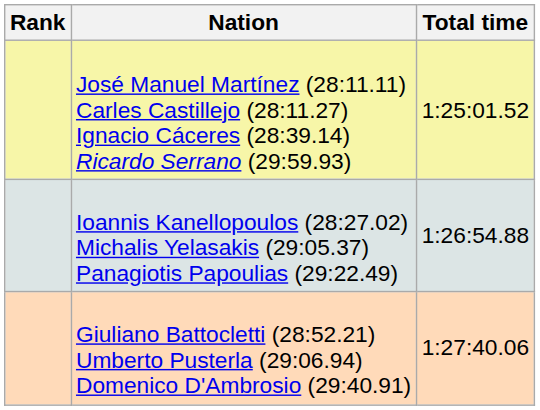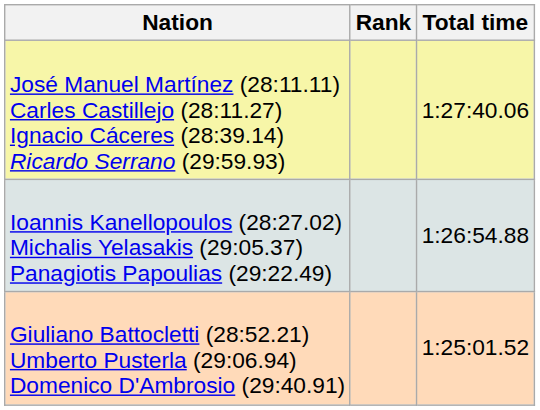 <table class = "wikitable" style = "text-align: center">
 <tr>
+<th>Nation</th>
 <th>Rank</th>
-<th>Nation</th>
 <th>Total time</th>
 </tr>
 <tr bgcolor = f7f6a8>
+<td align = "left"><br><a href='#'>José Manuel Martínez</a> (28:11.11)<br><a href='#'>Carles Castillejo</a> (28:11.27)<br><a href='#'>Ignacio Cáceres</a> (28:39.14)<br><em> <a href='#'>Ricardo Serrano</a> </em>(29:59.93)</td>
 <td></td>
-<td align = "left"><br><a href='#'>José Manuel Martínez</a> (28:11.11)<br><a href='#'>Carles Castillejo</a> (28:11.27)<br><a href='#'>Ignacio Cáceres</a> (28:39.14)<br><em> <a href='#'>Ricardo Serrano</a> </em>(29:59.93)</td>
-<td>1:25:01.52</td>
+<td>1:27:40.06</td>
 </tr>
 <tr bgcolor = dce5e5>
+<td align = "left"><br><a href='#'>Ioannis Kanellopoulos</a> (28:27.02)<br><a href='#'>Michalis Yelasakis</a> (29:05.37)<br><a href='#'>Panagiotis Papoulias</a> (29:22.49)</td>
 <td></td>
-<td align = "left"><br><a href='#'>Ioannis Kanellopoulos</a> (28:27.02)<br><a href='#'>Michalis Yelasakis</a> (29:05.37)<br><a href='#'>Panagiotis Papoulias</a> (29:22.49)</td>
 <td>1:26:54.88</td>
 </tr>
 <tr bgcolor = ffdab9>
+<td align = "left"><br><a href='#'>Giuliano Battocletti</a> (28:52.21)<br><a href='#'>Umberto Pusterla</a> (29:06.94)<br><a href='#'>Domenico D'Ambrosio</a> (29:40.91)</td>
 <td></td>
-<td align = "left"><br><a href='#'>Giuliano Battocletti</a> (28:52.21)<br><a href='#'>Umberto Pusterla</a> (29:06.94)<br><a href='#'>Domenico D'Ambrosio</a> (29:40.91)</td>
-<td>1:27:40.06</td>
+<td>1:25:01.52</td>
 </tr>
 </table>
